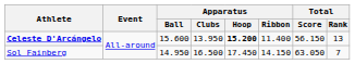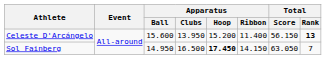 <table class="wikitable" style="font-size:90%;text-align:center">
 <tr>
 <th rowspan=2>Athlete</th>
 <th rowspan=2>Event</th>
 <th colspan=4>Apparatus</th>
 <th colspan=2>Total</th>
 </tr>
 <tr style=font-size:95%>
 <th>Ball</th>
 <th>Clubs</th>
 <th>Hoop</th>
 <th>Ribbon</th>
 <th>Score</th>
 <th>Rank</th>
 </tr>
 <tr>
-<td style="text-align:left"><strong><a href='#'>Celeste D'Arcángelo</a></strong></td>
+<td style="text-align:left"><a href='#'>Celeste D'Arcángelo</a></td>
 <td style="text-align:left" rowspan=2><a href='#'>All-around</a></td>
 <td>15.600</td>
 <td>13.950</td>
-<td><strong>15.200</strong></td>
+<td>15.200</td>
 <td>11.400</td>
 <td>56.150</td>
-<td>13</td>
+<td><strong>13</strong></td>
 </tr>
 <tr>
 <td style="text-align:left"><a href='#'>Sol Fainberg</a></td>
 <td>14.950</td>
 <td>16.500</td>
-<td>17.450</td>
+<td><strong>17.450</strong></td>
 <td>14.150</td>
 <td>63.050</td>
 <td>7</td>
 </tr>
 </table>
